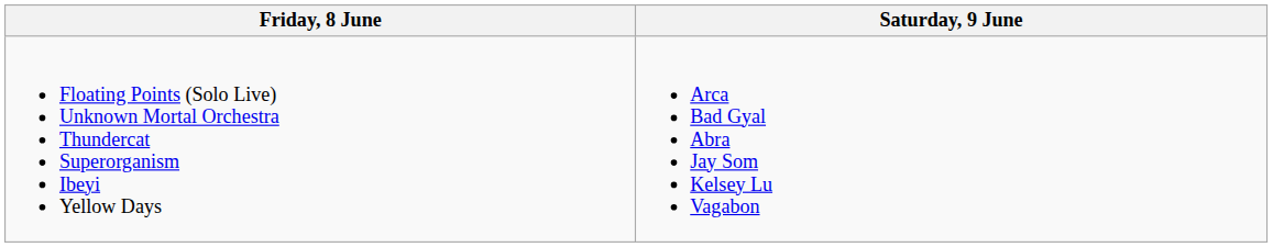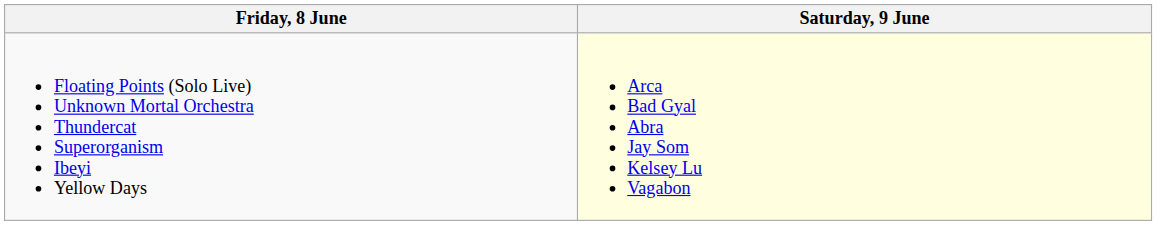 <table class="wikitable">
 <tr>
 <th width="500">Friday, 8 June</th>
 <th width="500">Saturday, 9 June</th>
 </tr>
 <tr valign="top">
 <td><br><ul><li><a href='#'>Floating Points</a> (Solo Live)</li><li><a href='#'>Unknown Mortal Orchestra</a></li><li><a href='#'>Thundercat</a></li><li><a href='#'>Superorganism</a></li><li><a href='#'>Ibeyi</a></li><li>Yellow Days</li></ul></td>
-<td><br><ul><li><a href='#'>Arca</a></li><li><a href='#'>Bad Gyal</a></li><li><a href='#'>Abra</a></li><li><a href='#'>Jay Som</a></li><li><a href='#'>Kelsey Lu</a></li><li><a href='#'>Vagabon</a></li></ul></td>
+<td style="background: lightyellow;"><br><ul><li><a href='#'>Arca</a></li><li><a href='#'>Bad Gyal</a></li><li><a href='#'>Abra</a></li><li><a href='#'>Jay Som</a></li><li><a href='#'>Kelsey Lu</a></li><li><a href='#'>Vagabon</a></li></ul></td>
 </tr>
 </table>
